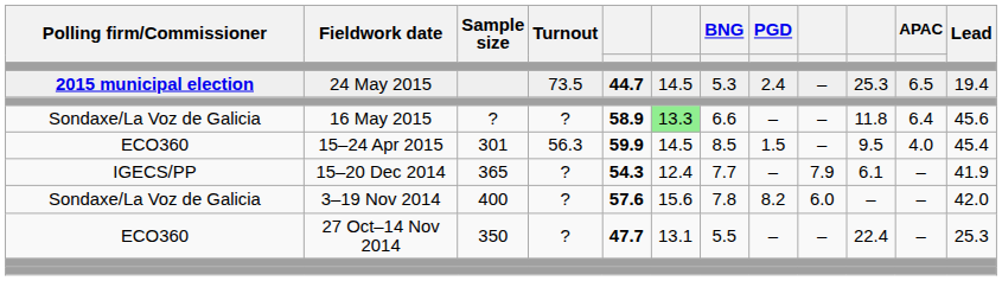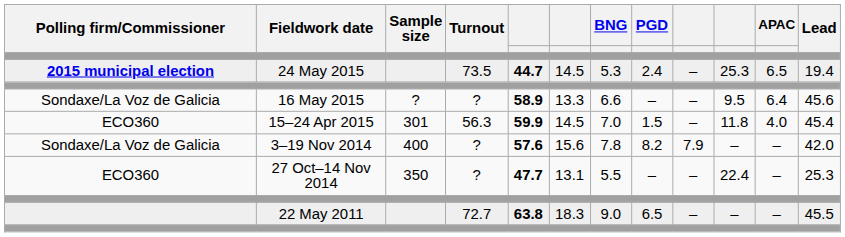 <table class="wikitable collapsible collapsed" style="text-align:center; font-size:95%; line-height:16px;">
 <tr style="height:42px;">
 <th style="width:250px;" rowspan="2">Polling firm/Commissioner</th>
 <th style="width:125px;" rowspan="2">Fieldwork date</th>
 <th style="width:50px;" rowspan="2">Sample size</th>
 <th style="width:45px;" rowspan="2">Turnout</th>
 <th style="width:35px;"></th>
 <th style="width:35px;"></th>
 <th style="width:35px;"><a href='#'>BNG</a></th>
 <th style="width:35px;"><a href='#'>PGD</a></th>
 <th style="width:35px;"></th>
 <th style="width:35px;"></th>
 <th style="width:35px; font-size:90%;">APAC</th>
 <th style="width:30px;" rowspan="2">Lead</th>
 </tr>
 <tr>
 <th style="color:inherit;background:"></th>
 <th style="color:inherit;background:"></th>
 <th style="color:inherit;background:"></th>
 <th style="color:inherit;background:"></th>
 <th style="color:inherit;background:"></th>
 <th style="color:inherit;background:"></th>
 <th style="color:inherit;background:"></th>
 </tr>
 <tr>
 <td colspan="12" style="background:#A0A0A0"></td>
 </tr>
 <tr style="background:#EFEFEF;">
 <td><strong><a href='#'>2015 municipal election</a></strong></td>
 <td>24 May 2015</td>
 <td></td>
 <td>73.5</td>
 <td><strong>44.7</strong><br></td>
 <td>14.5<br></td>
 <td>5.3<br></td>
 <td>2.4<br></td>
 <td>–</td>
 <td>25.3<br></td>
 <td>6.5<br></td>
 <td style="background:">19.4</td>
 </tr>
 <tr>
 <td colspan="12" style="background:#A0A0A0"></td>
 </tr>
 <tr>
 <td>Sondaxe/La Voz de Galicia</td>
 <td>16 May 2015</td>
 <td>?</td>
 <td>?</td>
 <td><strong>58.9</strong><br></td>
-<td style="background: lightgreen;">13.3<br></td>
+<td>13.3<br></td>
 <td>6.6<br></td>
 <td>–</td>
 <td>–</td>
-<td>11.8<br></td>
+<td>9.5<br></td>
 <td>6.4<br></td>
 <td style="background:">45.6</td>
 </tr>
 <tr>
 <td>ECO360</td>
 <td>15–24 Apr 2015</td>
 <td>301</td>
 <td>56.3</td>
 <td><strong>59.9</strong><br></td>
 <td>14.5<br></td>
-<td>8.5<br></td>
+<td>7.0<br></td>
 <td>1.5<br></td>
 <td>–</td>
-<td>9.5<br></td>
+<td>11.8<br></td>
 <td>4.0<br></td>
 <td style="background:">45.4</td>
-</tr>
-<tr>
-<td>IGECS/PP</td>
-<td>15–20 Dec 2014</td>
-<td>365</td>
-<td>?</td>
-<td><strong>54.3</strong><br></td>
-<td>12.4<br></td>
-<td>7.7<br></td>
-<td>–</td>
-<td>7.9<br></td>
-<td>6.1<br></td>
-<td>–</td>
-<td style="background:">41.9</td>
 </tr>
 <tr>
 <td>Sondaxe/La Voz de Galicia</td>
 <td>3–19 Nov 2014</td>
 <td>400</td>
 <td>?</td>
 <td><strong>57.6</strong><br></td>
 <td>15.6<br></td>
 <td>7.8<br></td>
 <td>8.2<br></td>
-<td>6.0<br></td>
+<td>7.9<br></td>
 <td>–</td>
 <td>–</td>
 <td style="background:">42.0</td>
 </tr>
 <tr>
 <td>ECO360</td>
 <td>27 Oct–14 Nov 2014</td>
 <td>350</td>
 <td>?</td>
 <td><strong>47.7</strong><br></td>
 <td>13.1<br></td>
 <td>5.5<br></td>
 <td>–</td>
 <td>–</td>
 <td>22.4<br></td>
 <td>–</td>
 <td style="background:">25.3</td>
 </tr>
 <tr>
 <td colspan="12" style="background:#A0A0A0"></td>
 </tr>
+<tr style="background:#EFEFEF;">
+<td><strong></strong></td>
+<td>22 May 2011</td>
+<td></td>
+<td>72.7</td>
+<td><strong>63.8</strong><br></td>
+<td>18.3<br></td>
+<td>9.0<br></td>
+<td>6.5<br></td>
+<td>–</td>
+<td>–</td>
+<td>–</td>
+<td style="background:">45.5</td>
+</tr>
 <tr>
 <td colspan="12" style="background:#A0A0A0"></td>
 </tr>
 </table>
